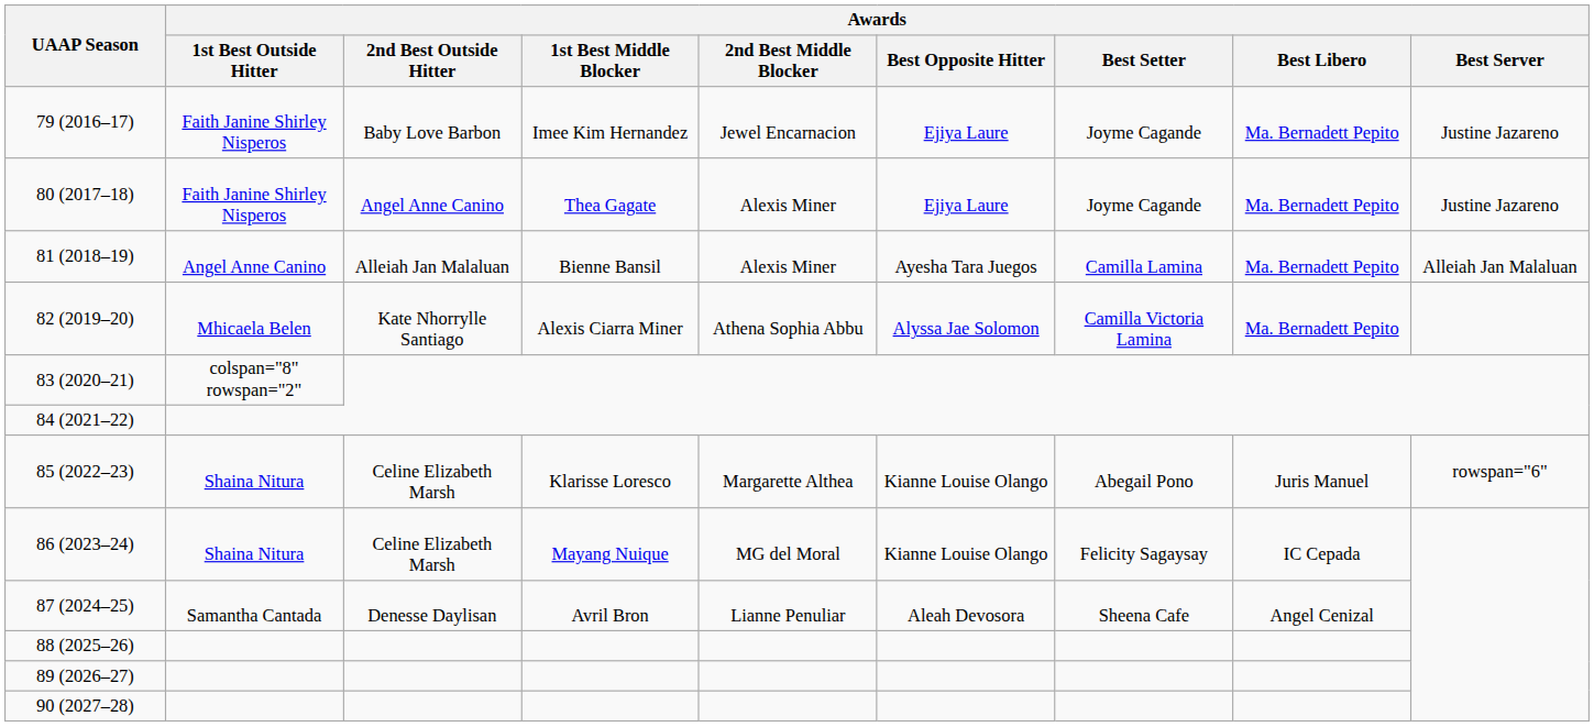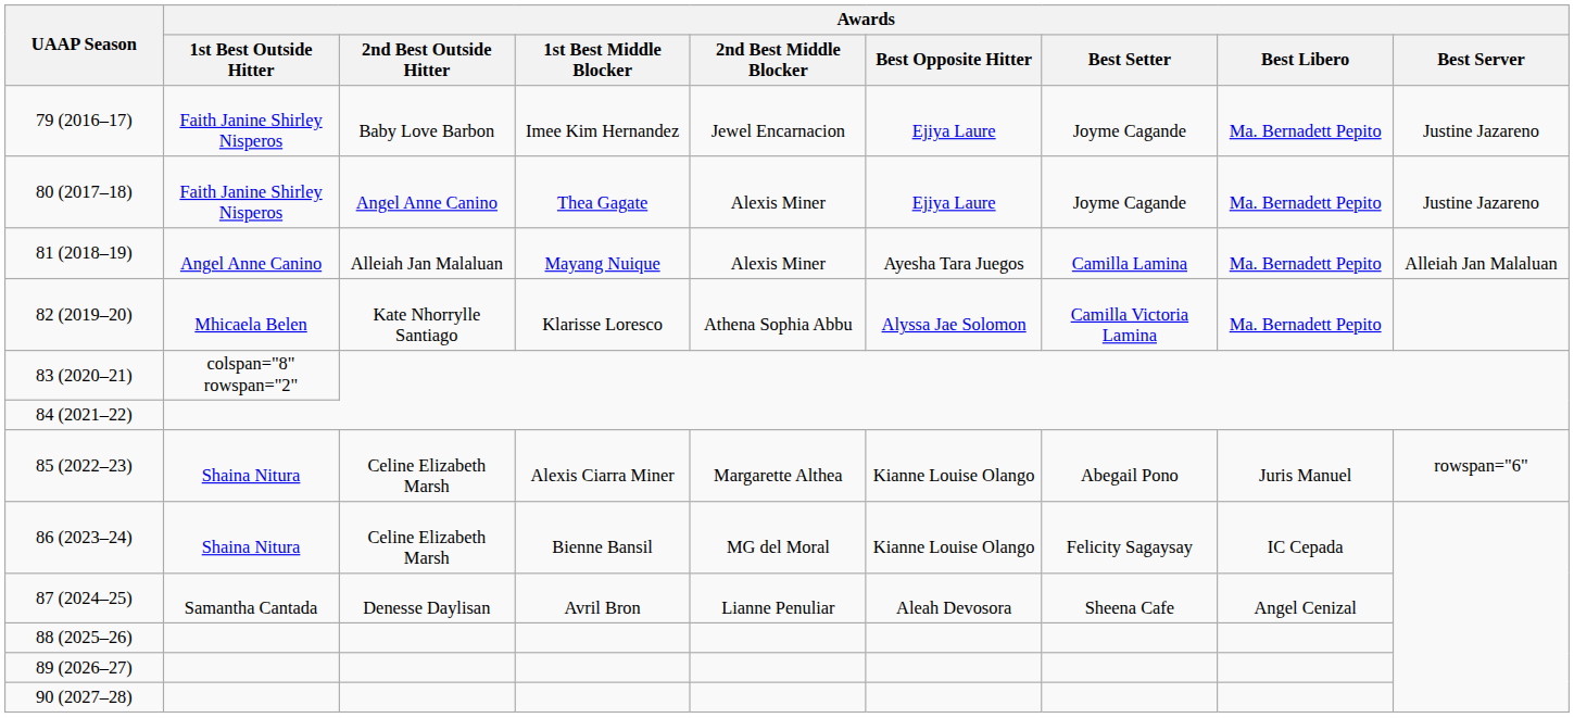 <table class="wikitable" width=100% style="font-size:90%; text-align:center;">
 <tr>
 <th width=9% rowspan=2>UAAP Season</th>
 <th colspan=8>Awards</th>
 </tr>
 <tr>
 <th width=10%>1st Best Outside Hitter</th>
 <th width=10%>2nd Best Outside Hitter</th>
 <th width=10%>1st Best Middle Blocker</th>
 <th width=10%>2nd Best Middle Blocker</th>
 <th width=10%>Best Opposite Hitter</th>
 <th width=10%>Best Setter</th>
 <th width=10%>Best Libero</th>
 <th width=10%>Best Server</th>
 </tr>
 <tr>
 <td>79  (2016–17)</td>
 <td><br><a href='#'>Faith Janine Shirley Nisperos</a></td>
 <td><br>Baby Love Barbon</td>
 <td><br>Imee Kim Hernandez</td>
 <td><br>Jewel Encarnacion</td>
 <td><br><a href='#'>Ejiya Laure</a></td>
 <td><br>Joyme Cagande</td>
 <td><br><a href='#'>Ma. Bernadett Pepito</a></td>
 <td><br>Justine Jazareno</td>
 </tr>
 <tr>
 <td>80 (2017–18)</td>
 <td><br><a href='#'>Faith Janine Shirley Nisperos</a></td>
 <td><br><a href='#'>Angel Anne Canino</a></td>
 <td><br><a href='#'>Thea Gagate</a></td>
 <td><br>Alexis Miner</td>
 <td><br><a href='#'>Ejiya Laure</a></td>
 <td><br>Joyme Cagande</td>
 <td><br><a href='#'>Ma. Bernadett Pepito</a></td>
 <td><br>Justine Jazareno</td>
 </tr>
 <tr>
 <td>81 (2018–19)</td>
 <td><br><a href='#'>Angel Anne Canino</a></td>
 <td><br>Alleiah Jan Malaluan</td>
-<td><br>Bienne Bansil</td>
+<td><br><a href='#'>Mayang Nuique</a></td>
 <td><br>Alexis Miner</td>
 <td><br>Ayesha Tara Juegos</td>
 <td><br><a href='#'>Camilla Lamina</a></td>
 <td><br><a href='#'>Ma. Bernadett Pepito</a></td>
 <td><br>Alleiah Jan Malaluan</td>
 </tr>
 <tr>
 <td>82 (2019–20)</td>
 <td><br><a href='#'>Mhicaela Belen</a></td>
 <td><br>Kate Nhorrylle Santiago</td>
-<td><br>Alexis Ciarra Miner</td>
+<td><br>Klarisse Loresco</td>
 <td><br>Athena Sophia Abbu</td>
 <td><br><a href='#'>Alyssa Jae Solomon</a></td>
 <td><br><a href='#'>Camilla Victoria Lamina</a></td>
 <td><br><a href='#'>Ma. Bernadett Pepito</a></td>
 <td></td>
 </tr>
 <tr>
 <td>83 (2020–21)</td>
 <td>colspan="8" rowspan="2" </td>
 </tr>
 <tr>
 <td>84 (2021–22)</td>
 </tr>
 <tr>
 <td>85 (2022–23)</td>
 <td><br><a href='#'>Shaina Nitura</a></td>
 <td><br>Celine Elizabeth Marsh</td>
-<td><br>Klarisse Loresco</td>
+<td><br>Alexis Ciarra Miner</td>
 <td><br>Margarette Althea</td>
 <td><br>Kianne Louise Olango</td>
 <td><br>Abegail Pono</td>
 <td><br>Juris Manuel</td>
 <td>rowspan="6" </td>
 </tr>
 <tr>
 <td>86 (2023–24)</td>
 <td><br><a href='#'>Shaina Nitura</a></td>
 <td><br>Celine Elizabeth Marsh</td>
-<td><br><a href='#'>Mayang Nuique</a></td>
+<td><br>Bienne Bansil</td>
 <td><br>MG del Moral</td>
 <td><br> Kianne Louise Olango</td>
 <td><br>Felicity Sagaysay</td>
 <td><br>IC Cepada</td>
 </tr>
 <tr>
 <td>87 (2024–25)</td>
 <td><br>Samantha Cantada</td>
 <td><br>Denesse Daylisan</td>
 <td><br>Avril Bron</td>
 <td><br>Lianne Penuliar</td>
 <td><br>Aleah Devosora</td>
 <td><br>Sheena Cafe</td>
 <td><br>Angel Cenizal</td>
 </tr>
 <tr>
 <td>88 (2025–26)</td>
 <td></td>
 <td></td>
 <td></td>
 <td></td>
 <td></td>
 <td></td>
 <td></td>
 </tr>
 <tr>
 <td>89 (2026–27)</td>
 <td></td>
 <td></td>
 <td></td>
 <td></td>
 <td></td>
 <td></td>
 <td></td>
 </tr>
 <tr>
 <td>90 (2027–28)</td>
 <td></td>
 <td></td>
 <td></td>
 <td></td>
 <td></td>
 <td></td>
 <td></td>
 </tr>
 </table>
